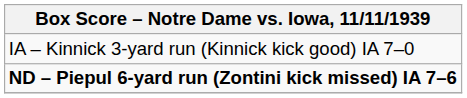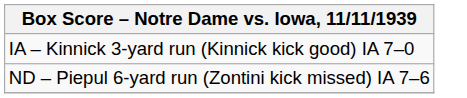 <table class="wikitable">
 <tr>
 <th>Box Score – Notre Dame vs. Iowa, 11/11/1939</th>
 </tr>
 <tr>
 <td>IA – Kinnick 3-yard run (Kinnick kick good) IA 7–0</td>
 </tr>
 <tr>
-<td><strong>ND – Piepul 6-yard run (Zontini kick missed) IA 7–6</strong></td>
+<td>ND – Piepul 6-yard run (Zontini kick missed) IA 7–6</td>
 </tr>
 <tr>
 </tr>
 </table>
